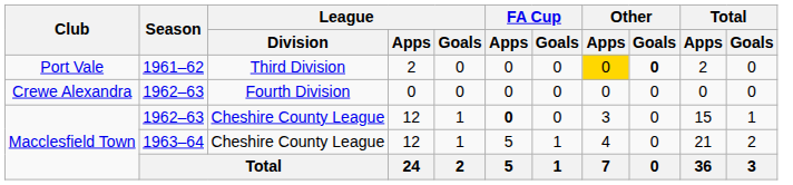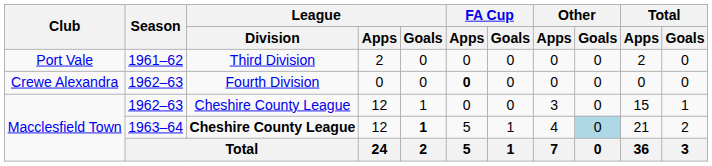 <table class="wikitable" style="text-align:center">
 <tr>
 <th rowspan="2">Club</th>
 <th rowspan="2">Season</th>
 <th colspan="3">League</th>
 <th colspan="2"><a href='#'>FA Cup</a></th>
 <th colspan="2">Other</th>
 <th colspan="2">Total</th>
 </tr>
 <tr>
 <th>Division</th>
 <th>Apps</th>
 <th>Goals</th>
 <th>Apps</th>
 <th>Goals</th>
 <th>Apps</th>
 <th>Goals</th>
 <th>Apps</th>
 <th>Goals</th>
 </tr>
 <tr>
 <td><a href='#'>Port Vale</a></td>
 <td><a href='#'>1961–62</a></td>
 <td><a href='#'>Third Division</a></td>
 <td>2</td>
 <td>0</td>
 <td>0</td>
 <td>0</td>
-<td style="background: gold;">0</td>
-<td><strong>0</strong></td>
+<td>0</td>
+<td>0</td>
 <td>2</td>
 <td>0</td>
 </tr>
 <tr>
 <td><a href='#'>Crewe Alexandra</a></td>
 <td><a href='#'>1962–63</a></td>
 <td><a href='#'>Fourth Division</a></td>
 <td>0</td>
 <td>0</td>
-<td>0</td>
+<td><strong>0</strong></td>
 <td>0</td>
 <td>0</td>
 <td>0</td>
 <td>0</td>
 <td>0</td>
 </tr>
 <tr>
 <td rowspan="3"><a href='#'>Macclesfield Town</a></td>
 <td><a href='#'>1962–63</a></td>
 <td><a href='#'>Cheshire County League</a></td>
 <td>12</td>
 <td>1</td>
-<td><strong>0</strong></td>
+<td>0</td>
 <td>0</td>
 <td>3</td>
 <td>0</td>
 <td>15</td>
 <td>1</td>
 </tr>
 <tr>
 <td><a href='#'>1963–64</a></td>
-<td>Cheshire County League</td>
+<td><strong>Cheshire County League</strong></td>
 <td>12</td>
-<td>1</td>
+<td><strong>1</strong></td>
 <td>5</td>
 <td>1</td>
 <td>4</td>
-<td>0</td>
+<td style="background: lightblue;">0</td>
 <td>21</td>
 <td>2</td>
 </tr>
 <tr>
 <th colspan="2">Total</th>
 <th>24</th>
 <th>2</th>
 <th>5</th>
 <th>1</th>
 <th>7</th>
 <th>0</th>
 <th>36</th>
 <th>3</th>
 </tr>
 </table>
